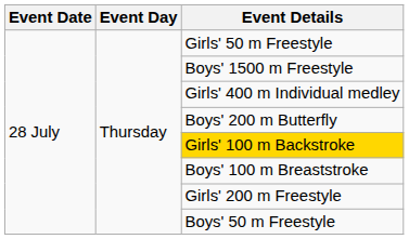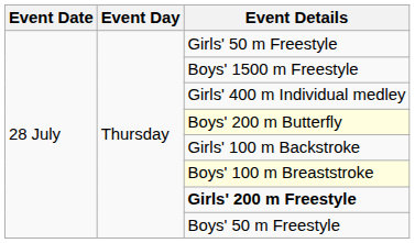 <table class="wikitable">
 <tr>
 <th>Event Date</th>
 <th>Event Day</th>
 <th>Event Details</th>
 </tr>
 <tr>
 <td rowspan=8>28 July</td>
 <td rowspan=8>Thursday</td>
 <td>Girls' 50 m Freestyle</td>
 </tr>
 <tr>
 <td>Boys' 1500 m Freestyle</td>
 </tr>
 <tr>
 <td>Girls' 400 m Individual medley</td>
 </tr>
 <tr>
-<td>Boys' 200 m Butterfly</td>
+<td style="background: lightyellow;">Boys' 200 m Butterfly</td>
 </tr>
 <tr>
-<td style="background: gold;">Girls' 100 m Backstroke</td>
+<td>Girls' 100 m Backstroke</td>
 </tr>
 <tr>
-<td>Boys' 100 m Breaststroke</td>
+<td style="background: lightyellow;">Boys' 100 m Breaststroke</td>
 </tr>
 <tr>
-<td>Girls' 200 m Freestyle</td>
+<td><strong>Girls' 200 m Freestyle</strong></td>
 </tr>
 <tr>
 <td>Boys' 50 m Freestyle</td>
 </tr>
 </table>
